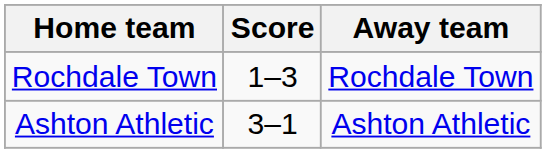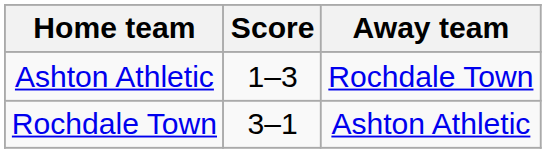 <table class="wikitable" style="text-align: center">
 <tr>
 <th>Home team</th>
 <th>Score</th>
 <th>Away team</th>
 </tr>
 <tr>
-<td><a href='#'>Rochdale Town</a></td>
+<td><a href='#'>Ashton Athletic</a></td>
 <td>1–3</td>
 <td><a href='#'>Rochdale Town</a></td>
 </tr>
 <tr>
-<td><a href='#'>Ashton Athletic</a></td>
+<td><a href='#'>Rochdale Town</a></td>
 <td>3–1</td>
 <td><a href='#'>Ashton Athletic</a></td>
 </tr>
 </table>
